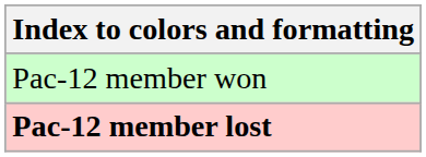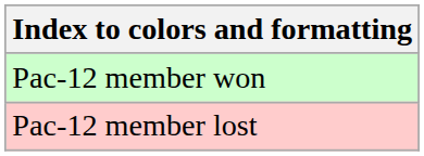 <table class="wikitable">
 <tr>
 <th>Index to colors and formatting</th>
 </tr>
 <tr style="background:#cfc;">
 <td>Pac-12 member won</td>
 </tr>
 <tr style="background:#fcc;">
-<td><strong>Pac-12 member lost</strong></td>
+<td>Pac-12 member lost</td>
 </tr>
 </table>
